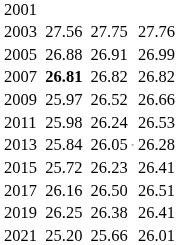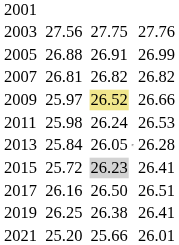 <table>
 <tr>
 <td>2001</td>
 <td></td>
 <td></td>
 <td></td>
 <td></td>
 <td></td>
 <td></td>
 </tr>
 <tr>
 <td>2003</td>
 <td></td>
 <td>27.56</td>
 <td></td>
 <td>27.75</td>
 <td></td>
 <td>27.76</td>
 </tr>
 <tr>
 <td>2005</td>
 <td></td>
 <td>26.88</td>
 <td></td>
 <td>26.91</td>
 <td></td>
 <td>26.99</td>
 </tr>
 <tr>
 <td>2007</td>
 <td></td>
-<td><strong>26.81</strong></td>
+<td>26.81</td>
 <td></td>
 <td>26.82</td>
 <td></td>
 <td>26.82</td>
 </tr>
 <tr>
 <td>2009</td>
 <td></td>
 <td>25.97</td>
 <td></td>
-<td>26.52</td>
+<td style="background: khaki;">26.52</td>
 <td></td>
 <td>26.66</td>
 </tr>
 <tr>
 <td>2011</td>
 <td></td>
 <td>25.98</td>
 <td></td>
 <td>26.24</td>
 <td></td>
 <td>26.53</td>
 </tr>
 <tr>
 <td>2013</td>
 <td></td>
 <td>25.84</td>
 <td></td>
 <td>26.05</td>
 <td><hr></td>
 <td>26.28</td>
 </tr>
 <tr>
 <td>2015</td>
 <td></td>
 <td>25.72</td>
 <td></td>
-<td>26.23</td>
+<td style="background: lightgrey;">26.23</td>
 <td></td>
 <td>26.41</td>
 </tr>
 <tr>
 <td>2017</td>
 <td></td>
 <td>26.16</td>
 <td></td>
 <td>26.50</td>
 <td></td>
 <td>26.51</td>
 </tr>
 <tr>
 <td>2019</td>
 <td></td>
 <td>26.25</td>
 <td></td>
 <td>26.38</td>
 <td></td>
 <td>26.41</td>
 </tr>
 <tr>
 <td>2021</td>
 <td></td>
 <td>25.20</td>
 <td></td>
 <td>25.66</td>
 <td></td>
 <td>26.01</td>
 </tr>
 </table>
